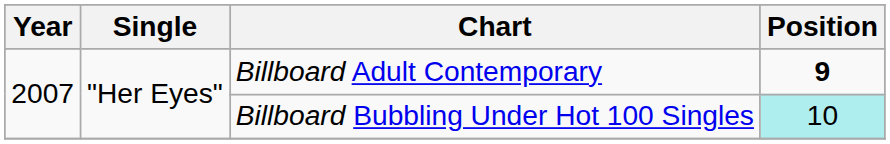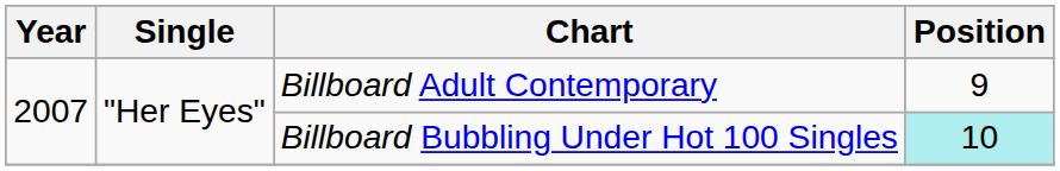 <table class="wikitable">
 <tr>
 <th>Year</th>
 <th>Single</th>
 <th>Chart</th>
 <th>Position</th>
 </tr>
 <tr>
 <td rowspan="2">2007</td>
 <td rowspan="2">"Her Eyes"</td>
 <td><em>Billboard</em> <a href='#'>Adult Contemporary</a></td>
-<td align="center"><strong>9</strong></td>
+<td align="center">9</td>
 </tr>
 <tr>
 <td><em>Billboard</em> <a href='#'>Bubbling Under Hot 100 Singles</a></td>
 <td align="center" style="background: paleturquoise;">10</td>
 </tr>
 <tr>
 </tr>
 </table>
